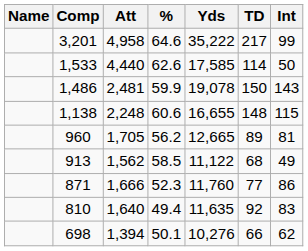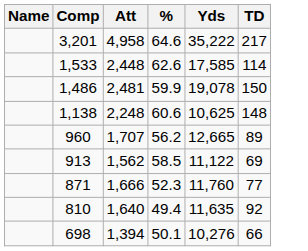 <table class="wikitable sortable" style="text-align:center">
 <tr>
 <th scope="col">Name</th>
 <th scope="col">Comp</th>
 <th scope="col">Att</th>
 <th scope="col">%</th>
 <th scope="col">Yds</th>
 <th scope="col">TD</th>
-<th scope="col">Int</th>
 </tr>
 <tr>
 <td></td>
 <td>3,201</td>
 <td>4,958</td>
 <td>64.6</td>
 <td>35,222</td>
 <td>217</td>
-<td>99</td>
 </tr>
 <tr>
 <td></td>
 <td>1,533</td>
-<td>4,440</td>
+<td>2,448</td>
 <td>62.6</td>
 <td>17,585</td>
 <td>114</td>
-<td>50</td>
 </tr>
 <tr>
 <td></td>
 <td>1,486</td>
 <td>2,481</td>
 <td>59.9</td>
 <td>19,078</td>
 <td>150</td>
-<td>143</td>
 </tr>
 <tr>
 <td></td>
 <td>1,138</td>
 <td>2,248</td>
 <td>60.6</td>
-<td>16,655</td>
+<td>10,625</td>
 <td>148</td>
-<td>115</td>
 </tr>
 <tr>
 <td></td>
 <td>960</td>
-<td>1,705</td>
+<td>1,707</td>
 <td>56.2</td>
 <td>12,665</td>
 <td>89</td>
-<td>81</td>
 </tr>
 <tr>
 <td></td>
 <td>913</td>
 <td>1,562</td>
 <td>58.5</td>
 <td>11,122</td>
-<td>68</td>
-<td>49</td>
+<td>69</td>
 </tr>
 <tr>
 <td></td>
 <td>871</td>
 <td>1,666</td>
 <td>52.3</td>
 <td>11,760</td>
 <td>77</td>
-<td>86</td>
 </tr>
 <tr>
 <td></td>
 <td>810</td>
 <td>1,640</td>
 <td>49.4</td>
 <td>11,635</td>
 <td>92</td>
-<td>83</td>
 </tr>
 <tr>
 <td></td>
 <td>698</td>
 <td>1,394</td>
 <td>50.1</td>
 <td>10,276</td>
 <td>66</td>
-<td>62</td>
 </tr>
 </table>
